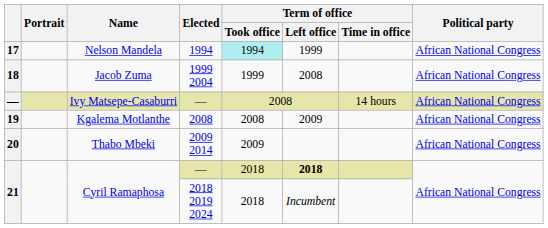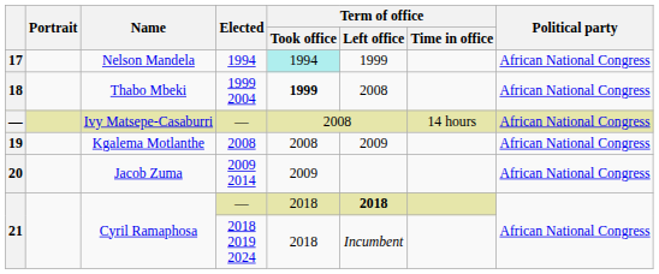 <table class="wikitable" style="font-size:100%;text-align:center">
 <tr>
 <th rowspan="2"></th>
 <th rowspan="2">Portrait</th>
 <th rowspan="2">Name<br></th>
 <th rowspan="2">Elected</th>
 <th colspan="3">Term of office</th>
 <th rowspan="2">Political party</th>
 </tr>
 <tr>
 <th>Took office</th>
 <th>Left office</th>
 <th>Time in office</th>
 </tr>
 <tr>
 <th style="background:">17</th>
 <td></td>
 <td><a href='#'>Nelson Mandela</a><br></td>
 <td><a href='#'>1994</a></td>
 <td style="background: paleturquoise;"> 1994</td>
 <td> 1999</td>
 <td></td>
 <td><a href='#'>African National Congress</a></td>
 </tr>
 <tr>
 <th style="background:">18</th>
 <td></td>
-<td><a href='#'>Jacob Zuma</a><br></td>
+<td><a href='#'>Thabo Mbeki</a><br></td>
 <td><a href='#'>1999</a><br><a href='#'>2004</a></td>
-<td> 1999</td>
+<td><strong> 1999</strong></td>
 <td> 2008<br></td>
 <td></td>
 <td><a href='#'>African National Congress</a></td>
 </tr>
 <tr style="background:#e6e6aa;">
 <th style="background:">—</th>
 <td></td>
 <td><a href='#'>Ivy Matsepe-Casaburri</a><br></td>
 <td>—</td>
 <td colspan=2> 2008</td>
 <td>14 hours</td>
 <td><a href='#'>African National Congress</a></td>
 </tr>
 <tr>
 <th style="background:">19</th>
 <td></td>
 <td><a href='#'>Kgalema Motlanthe</a><br></td>
 <td><a href='#'>2008</a></td>
 <td> 2008</td>
 <td> 2009</td>
 <td></td>
 <td><a href='#'>African National Congress</a></td>
 </tr>
 <tr>
 <th style="background:">20</th>
 <td></td>
-<td><a href='#'>Thabo Mbeki</a><br></td>
+<td><a href='#'>Jacob Zuma</a><br></td>
 <td><a href='#'>2009</a><br><a href='#'>2014</a></td>
 <td> 2009</td>
 <td><br></td>
 <td></td>
 <td><a href='#'>African National Congress</a></td>
 </tr>
 <tr>
 <th rowspan=2 style="background: ">21</th>
 <td rowspan=2></td>
 <td rowspan=2><a href='#'>Cyril Ramaphosa</a><br></td>
 <td style="background:#e6e6aa;">—</td>
 <td style="background:#e6e6aa;"> 2018</td>
 <td style="background:#e6e6aa;"><strong> 2018</strong></td>
 <td style="background:#e6e6aa;"></td>
 <td rowspan=2><a href='#'>African National Congress</a></td>
 </tr>
 <tr>
 <td><a href='#'>2018</a><br><a href='#'>2019</a><br><a href='#'>2024</a></td>
 <td> 2018</td>
 <td><em>Incumbent</em></td>
 <td></td>
 </tr>
 </table>
